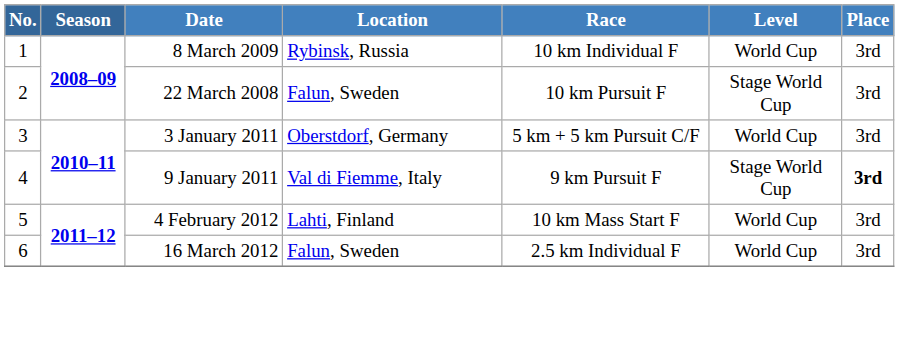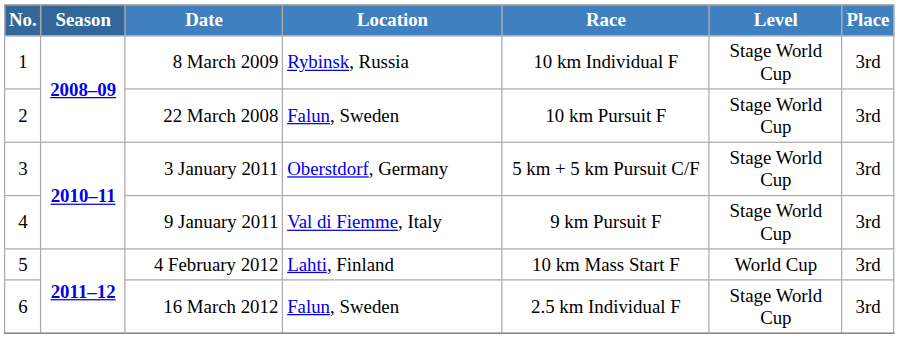 <table class="wikitable sortable" style="font-size:95%; text-align:center; border:grey solid 1px; border-collapse:collapse; background:#ffffff;">
 <tr style="background:#efefef;">
 <th style="background-color:#369; color:white;">No.</th>
 <th style="background-color:#369; color:white;">Season</th>
 <th style="background-color:#4180be; color:white; width:120px;">Date</th>
 <th style="background-color:#4180be; color:white; width:170px;">Location</th>
 <th style="background-color:#4180be; color:white; width:160px;">Race</th>
 <th style="background-color:#4180be; color:white; width:100px;">Level</th>
 <th style="background-color:#4180be; color:white;">Place</th>
 </tr>
 <tr>
 <td align=center>1</td>
 <td rowspan=2 align=center><strong> <a href='#'>2008–09</a> </strong></td>
 <td align=right>8 March 2009</td>
 <td align=left> <a href='#'>Rybinsk</a>, Russia</td>
 <td>10 km Individual F</td>
-<td>World Cup</td>
+<td>Stage World Cup</td>
 <td>3rd</td>
 </tr>
 <tr>
 <td align=center>2</td>
 <td align=right>22 March 2008</td>
 <td align=left> <a href='#'>Falun</a>, Sweden</td>
 <td>10 km Pursuit F</td>
 <td>Stage World Cup</td>
 <td>3rd</td>
 </tr>
 <tr>
 <td align=center>3</td>
 <td rowspan=2 align=center><strong> <a href='#'>2010–11</a> </strong></td>
 <td align=right>3 January 2011</td>
 <td align=left> <a href='#'>Oberstdorf</a>, Germany</td>
 <td>5 km + 5 km Pursuit C/F</td>
-<td>World Cup</td>
+<td>Stage World Cup</td>
 <td>3rd</td>
 </tr>
 <tr>
 <td align=center>4</td>
 <td align=right>9 January 2011</td>
 <td align=left> <a href='#'>Val di Fiemme</a>, Italy</td>
 <td>9 km Pursuit F</td>
 <td>Stage World Cup</td>
-<td><strong>3rd</strong></td>
+<td>3rd</td>
 </tr>
 <tr>
 <td align=center>5</td>
 <td rowspan=2 align=center><strong> <a href='#'>2011–12</a> </strong></td>
 <td align=right>4 February 2012</td>
 <td align=left> <a href='#'>Lahti</a>, Finland</td>
 <td>10 km Mass Start F</td>
 <td>World Cup</td>
 <td>3rd</td>
 </tr>
 <tr>
 <td align=center>6</td>
 <td align=right>16 March 2012</td>
 <td align=left> <a href='#'>Falun</a>, Sweden</td>
 <td>2.5 km Individual F</td>
-<td>World Cup</td>
+<td>Stage World Cup</td>
 <td>3rd</td>
 </tr>
 <tr>
 </tr>
 </table>
